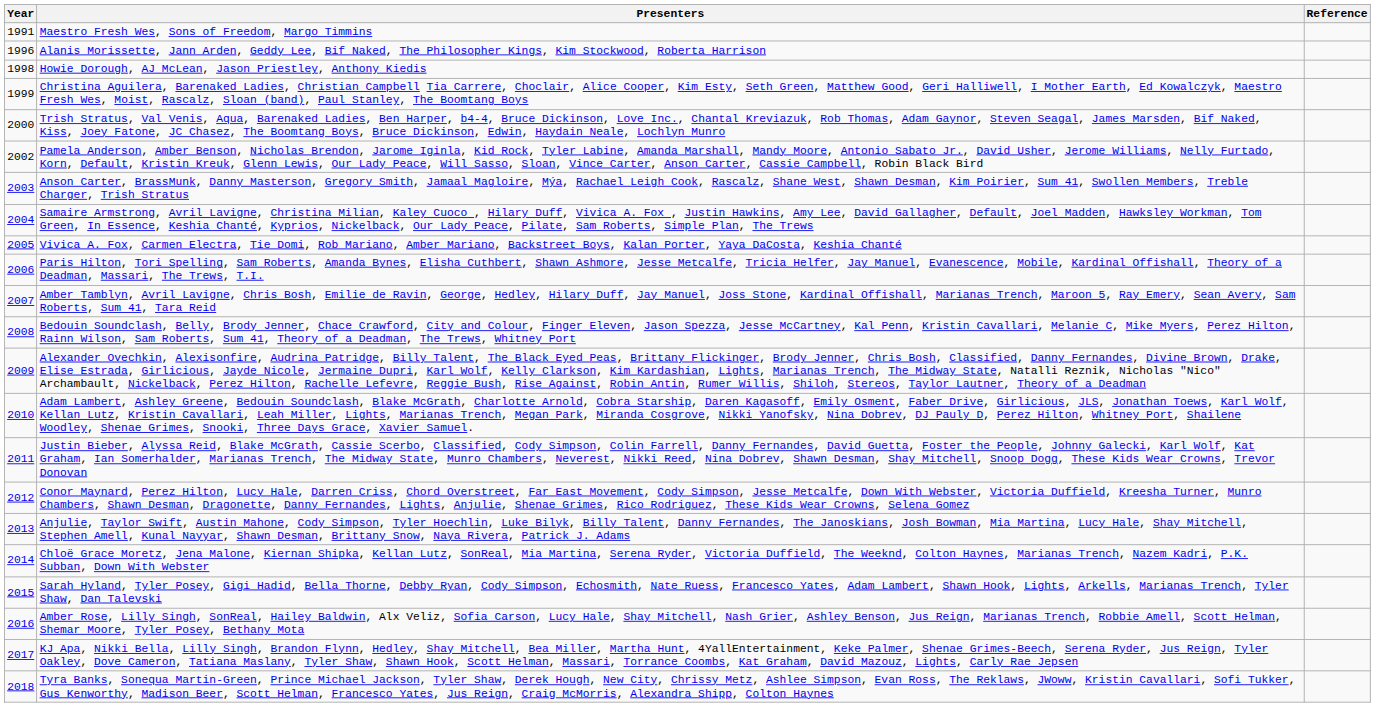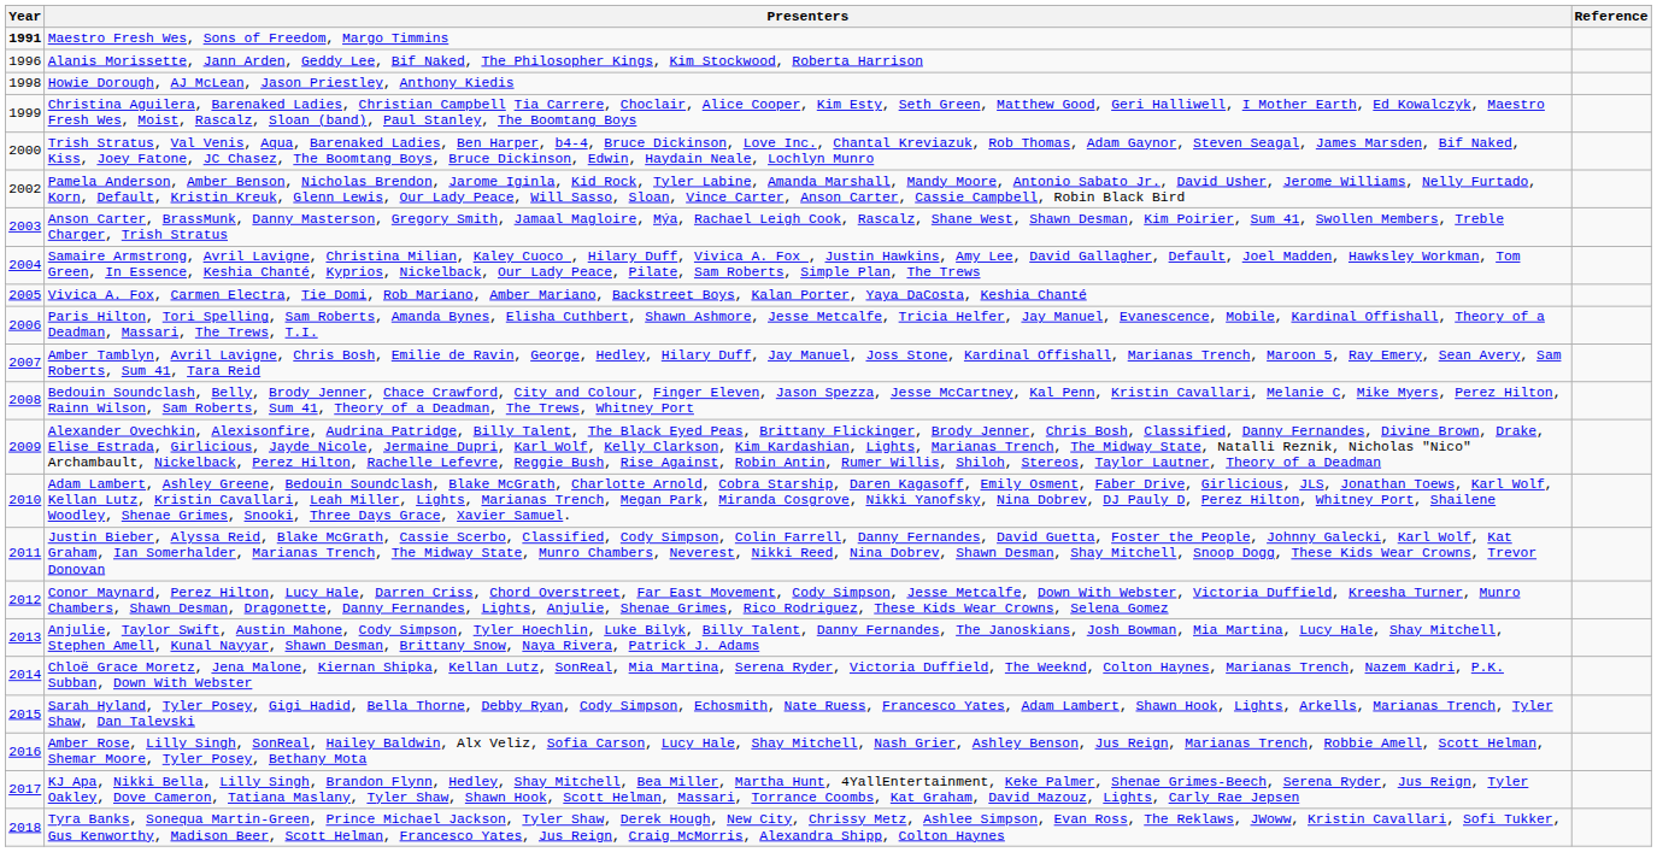 <table class="wikitable sortable">
 <tr>
 <th>Year</th>
 <th>Presenters</th>
 <th>Reference</th>
 </tr>
 <tr>
-<td>1991</td>
+<td><strong>1991</strong></td>
 <td><a href='#'>Maestro Fresh Wes</a>, <a href='#'>Sons of Freedom</a>, <a href='#'>Margo Timmins</a></td>
 </tr>
 <tr>
 <td>1996</td>
 <td><a href='#'>Alanis Morissette</a>, <a href='#'>Jann Arden</a>, <a href='#'>Geddy Lee</a>, <a href='#'>Bif Naked</a>, <a href='#'>The Philosopher Kings</a>, <a href='#'>Kim Stockwood</a>, <a href='#'>Roberta Harrison</a></td>
 <td></td>
 </tr>
 <tr>
 <td>1998</td>
 <td><a href='#'>Howie Dorough</a>, <a href='#'>AJ McLean</a>, <a href='#'>Jason Priestley</a>, <a href='#'>Anthony Kiedis</a></td>
 <td></td>
 </tr>
 <tr>
 <td>1999</td>
 <td><a href='#'>Christina Aguilera</a>, <a href='#'>Barenaked Ladies</a>, <a href='#'>Christian Campbell</a> <a href='#'>Tia Carrere</a>, <a href='#'>Choclair</a>, <a href='#'>Alice Cooper</a>, <a href='#'>Kim Esty</a>, <a href='#'>Seth Green</a>, <a href='#'>Matthew Good</a>, <a href='#'>Geri Halliwell</a>, <a href='#'>I Mother Earth</a>, <a href='#'>Ed Kowalczyk</a>, <a href='#'>Maestro Fresh Wes</a>, <a href='#'>Moist</a>, <a href='#'>Rascalz</a>, <a href='#'>Sloan (band)</a>, <a href='#'>Paul Stanley</a>, <a href='#'>The Boomtang Boys</a></td>
 </tr>
 <tr>
 <td>2000</td>
 <td><a href='#'>Trish Stratus</a>, <a href='#'>Val Venis</a>, <a href='#'>Aqua</a>, <a href='#'>Barenaked Ladies</a>, <a href='#'>Ben Harper</a>, <a href='#'>b4-4</a>, <a href='#'>Bruce Dickinson</a>, <a href='#'>Love Inc.</a>, <a href='#'>Chantal Kreviazuk</a>, <a href='#'>Rob Thomas</a>, <a href='#'>Adam Gaynor</a>, <a href='#'>Steven Seagal</a>, <a href='#'>James Marsden</a>, <a href='#'>Bif Naked</a>, <a href='#'>Kiss</a>, <a href='#'>Joey Fatone</a>, <a href='#'>JC Chasez</a>, <a href='#'>The Boomtang Boys</a>, <a href='#'>Bruce Dickinson</a>, <a href='#'>Edwin</a>, <a href='#'>Haydain Neale</a>, <a href='#'>Lochlyn Munro</a></td>
 <td></td>
 </tr>
 <tr>
 <td>2002</td>
 <td><a href='#'>Pamela Anderson</a>, <a href='#'>Amber Benson</a>, <a href='#'>Nicholas Brendon</a>, <a href='#'>Jarome Iginla</a>, <a href='#'>Kid Rock</a>, <a href='#'>Tyler Labine</a>, <a href='#'>Amanda Marshall</a>, <a href='#'>Mandy Moore</a>, <a href='#'>Antonio Sabato Jr.</a>, <a href='#'>David Usher</a>, <a href='#'>Jerome Williams</a>, <a href='#'>Nelly Furtado</a>, <a href='#'>Korn</a>, <a href='#'>Default</a>, <a href='#'>Kristin Kreuk</a>, <a href='#'>Glenn Lewis</a>, <a href='#'>Our Lady Peace</a>, <a href='#'>Will Sasso</a>, <a href='#'>Sloan</a>, <a href='#'>Vince Carter</a>, <a href='#'>Anson Carter</a>, <a href='#'>Cassie Campbell</a>, Robin Black Bird</td>
 <td></td>
 </tr>
 <tr>
 <td><a href='#'>2003</a></td>
 <td><a href='#'>Anson Carter</a>, <a href='#'>BrassMunk</a>, <a href='#'>Danny Masterson</a>, <a href='#'>Gregory Smith</a>, <a href='#'>Jamaal Magloire</a>, <a href='#'>Mýa</a>, <a href='#'>Rachael Leigh Cook</a>, <a href='#'>Rascalz</a>, <a href='#'>Shane West</a>, <a href='#'>Shawn Desman</a>, <a href='#'>Kim Poirier</a>, <a href='#'>Sum 41</a>, <a href='#'>Swollen Members</a>, <a href='#'>Treble Charger</a>, <a href='#'>Trish Stratus</a></td>
 <td></td>
 </tr>
 <tr>
 <td><a href='#'>2004</a></td>
 <td><a href='#'>Samaire Armstrong</a>, <a href='#'>Avril Lavigne</a>, <a href='#'>Christina Milian</a>, <a href='#'>Kaley Cuoco </a>, <a href='#'>Hilary Duff</a>, <a href='#'>Vivica A. Fox </a>, <a href='#'>Justin Hawkins</a>, <a href='#'>Amy Lee</a>, <a href='#'>David Gallagher</a>, <a href='#'>Default</a>, <a href='#'>Joel Madden</a>, <a href='#'>Hawksley Workman</a>, <a href='#'>Tom Green</a>, <a href='#'>In Essence</a>, <a href='#'>Keshia Chanté</a>, <a href='#'>Kyprios</a>, <a href='#'>Nickelback</a>, <a href='#'>Our Lady Peace</a>, <a href='#'>Pilate</a>, <a href='#'>Sam Roberts</a>, <a href='#'>Simple Plan</a>, <a href='#'>The Trews</a></td>
 <td></td>
 </tr>
 <tr>
 <td><a href='#'>2005</a></td>
 <td><a href='#'>Vivica A. Fox</a>, <a href='#'>Carmen Electra</a>, <a href='#'>Tie Domi</a>, <a href='#'>Rob Mariano</a>, <a href='#'>Amber Mariano</a>, <a href='#'>Backstreet Boys</a>, <a href='#'>Kalan Porter</a>, <a href='#'>Yaya DaCosta</a>, <a href='#'>Keshia Chanté</a></td>
 <td></td>
 </tr>
 <tr>
 <td><a href='#'>2006</a></td>
 <td><a href='#'>Paris Hilton</a>, <a href='#'>Tori Spelling</a>, <a href='#'>Sam Roberts</a>, <a href='#'>Amanda Bynes</a>, <a href='#'>Elisha Cuthbert</a>, <a href='#'>Shawn Ashmore</a>, <a href='#'>Jesse Metcalfe</a>, <a href='#'>Tricia Helfer</a>, <a href='#'>Jay Manuel</a>, <a href='#'>Evanescence</a>, <a href='#'>Mobile</a>, <a href='#'>Kardinal Offishall</a>, <a href='#'>Theory of a Deadman</a>, <a href='#'>Massari</a>, <a href='#'>The Trews</a>, <a href='#'>T.I.</a></td>
 <td></td>
 </tr>
 <tr>
 <td><a href='#'>2007</a></td>
 <td><a href='#'>Amber Tamblyn</a>, <a href='#'>Avril Lavigne</a>, <a href='#'>Chris Bosh</a>, <a href='#'>Emilie de Ravin</a>, <a href='#'>George</a>, <a href='#'>Hedley</a>, <a href='#'>Hilary Duff</a>, <a href='#'>Jay Manuel</a>, <a href='#'>Joss Stone</a>, <a href='#'>Kardinal Offishall</a>, <a href='#'>Marianas Trench</a>, <a href='#'>Maroon 5</a>, <a href='#'>Ray Emery</a>, <a href='#'>Sean Avery</a>, <a href='#'>Sam Roberts</a>, <a href='#'>Sum 41</a>, <a href='#'>Tara Reid</a></td>
 <td></td>
 </tr>
 <tr>
 <td><a href='#'>2008</a></td>
 <td><a href='#'>Bedouin Soundclash</a>, <a href='#'>Belly</a>, <a href='#'>Brody Jenner</a>, <a href='#'>Chace Crawford</a>, <a href='#'>City and Colour</a>, <a href='#'>Finger Eleven</a>, <a href='#'>Jason Spezza</a>, <a href='#'>Jesse McCartney</a>, <a href='#'>Kal Penn</a>, <a href='#'>Kristin Cavallari</a>, <a href='#'>Melanie C</a>, <a href='#'>Mike Myers</a>, <a href='#'>Perez Hilton</a>, <a href='#'>Rainn Wilson</a>, <a href='#'>Sam Roberts</a>, <a href='#'>Sum 41</a>, <a href='#'>Theory of a Deadman</a>, <a href='#'>The Trews</a>, <a href='#'>Whitney Port</a></td>
 <td></td>
 </tr>
 <tr>
 <td><a href='#'>2009</a></td>
 <td><a href='#'>Alexander Ovechkin</a>, <a href='#'>Alexisonfire</a>, <a href='#'>Audrina Patridge</a>, <a href='#'>Billy Talent</a>, <a href='#'>The Black Eyed Peas</a>, <a href='#'>Brittany Flickinger</a>, <a href='#'>Brody Jenner</a>, <a href='#'>Chris Bosh</a>, <a href='#'>Classified</a>, <a href='#'>Danny Fernandes</a>, <a href='#'>Divine Brown</a>, <a href='#'>Drake</a>, <a href='#'>Elise Estrada</a>, <a href='#'>Girlicious</a>, <a href='#'>Jayde Nicole</a>, <a href='#'>Jermaine Dupri</a>, <a href='#'>Karl Wolf</a>, <a href='#'>Kelly Clarkson</a>, <a href='#'>Kim Kardashian</a>, <a href='#'>Lights</a>, <a href='#'>Marianas Trench</a>, <a href='#'>The Midway State</a>, Natalli Reznik, Nicholas "Nico" Archambault, <a href='#'>Nickelback</a>, <a href='#'>Perez Hilton</a>, <a href='#'>Rachelle Lefevre</a>, <a href='#'>Reggie Bush</a>, <a href='#'>Rise Against</a>, <a href='#'>Robin Antin</a>, <a href='#'>Rumer Willis</a>, <a href='#'>Shiloh</a>, <a href='#'>Stereos</a>, <a href='#'>Taylor Lautner</a>, <a href='#'>Theory of a Deadman</a></td>
 </tr>
 <tr>
 <td><a href='#'>2010</a></td>
 <td><a href='#'>Adam Lambert</a>, <a href='#'>Ashley Greene</a>, <a href='#'>Bedouin Soundclash</a>, <a href='#'>Blake McGrath</a>, <a href='#'>Charlotte Arnold</a>, <a href='#'>Cobra Starship</a>, <a href='#'>Daren Kagasoff</a>, <a href='#'>Emily Osment</a>, <a href='#'>Faber Drive</a>, <a href='#'>Girlicious</a>, <a href='#'>JLS</a>, <a href='#'>Jonathan Toews</a>, <a href='#'>Karl Wolf</a>, <a href='#'>Kellan Lutz</a>, <a href='#'>Kristin Cavallari</a>, <a href='#'>Leah Miller</a>, <a href='#'>Lights</a>, <a href='#'>Marianas Trench</a>, <a href='#'>Megan Park</a>, <a href='#'>Miranda Cosgrove</a>, <a href='#'>Nikki Yanofsky</a>, <a href='#'>Nina Dobrev</a>, <a href='#'>DJ Pauly D</a>, <a href='#'>Perez Hilton</a>, <a href='#'>Whitney Port</a>, <a href='#'>Shailene Woodley</a>, <a href='#'>Shenae Grimes</a>, <a href='#'>Snooki</a>, <a href='#'>Three Days Grace</a>, <a href='#'>Xavier Samuel</a>.</td>
 <td></td>
 </tr>
 <tr>
 <td><a href='#'>2011</a></td>
 <td><a href='#'>Justin Bieber</a>, <a href='#'>Alyssa Reid</a>, <a href='#'>Blake McGrath</a>, <a href='#'>Cassie Scerbo</a>, <a href='#'>Classified</a>, <a href='#'>Cody Simpson</a>, <a href='#'>Colin Farrell</a>, <a href='#'>Danny Fernandes</a>, <a href='#'>David Guetta</a>, <a href='#'>Foster the People</a>, <a href='#'>Johnny Galecki</a>, <a href='#'>Karl Wolf</a>, <a href='#'>Kat Graham</a>, <a href='#'>Ian Somerhalder</a>, <a href='#'>Marianas Trench</a>, <a href='#'>The Midway State</a>, <a href='#'>Munro Chambers</a>, <a href='#'>Neverest</a>, <a href='#'>Nikki Reed</a>, <a href='#'>Nina Dobrev</a>, <a href='#'>Shawn Desman</a>, <a href='#'>Shay Mitchell</a>, <a href='#'>Snoop Dogg</a>, <a href='#'>These Kids Wear Crowns</a>, <a href='#'>Trevor Donovan</a></td>
 <td></td>
 </tr>
 <tr>
 <td><a href='#'>2012</a></td>
 <td><a href='#'>Conor Maynard</a>, <a href='#'>Perez Hilton</a>, <a href='#'>Lucy Hale</a>, <a href='#'>Darren Criss</a>, <a href='#'>Chord Overstreet</a>, <a href='#'>Far East Movement</a>, <a href='#'>Cody Simpson</a>, <a href='#'>Jesse Metcalfe</a>, <a href='#'>Down With Webster</a>, <a href='#'>Victoria Duffield</a>, <a href='#'>Kreesha Turner</a>, <a href='#'>Munro Chambers</a>, <a href='#'>Shawn Desman</a>, <a href='#'>Dragonette</a>, <a href='#'>Danny Fernandes</a>, <a href='#'>Lights</a>, <a href='#'>Anjulie</a>, <a href='#'>Shenae Grimes</a>, <a href='#'>Rico Rodriguez</a>, <a href='#'>These Kids Wear Crowns</a>, <a href='#'>Selena Gomez</a></td>
 <td></td>
 </tr>
 <tr>
 <td><a href='#'>2013</a></td>
 <td><a href='#'>Anjulie</a>, <a href='#'>Taylor Swift</a>, <a href='#'>Austin Mahone</a>, <a href='#'>Cody Simpson</a>, <a href='#'>Tyler Hoechlin</a>, <a href='#'>Luke Bilyk</a>, <a href='#'>Billy Talent</a>, <a href='#'>Danny Fernandes</a>, <a href='#'>The Janoskians</a>, <a href='#'>Josh Bowman</a>, <a href='#'>Mia Martina</a>, <a href='#'>Lucy Hale</a>, <a href='#'>Shay Mitchell</a>, <a href='#'>Stephen Amell</a>, <a href='#'>Kunal Nayyar</a>, <a href='#'>Shawn Desman</a>, <a href='#'>Brittany Snow</a>, <a href='#'>Naya Rivera</a>, <a href='#'>Patrick J. Adams</a></td>
 <td></td>
 </tr>
 <tr>
 <td><a href='#'>2014</a></td>
 <td><a href='#'>Chloë Grace Moretz</a>, <a href='#'>Jena Malone</a>, <a href='#'>Kiernan Shipka</a>, <a href='#'>Kellan Lutz</a>, <a href='#'>SonReal</a>, <a href='#'>Mia Martina</a>, <a href='#'>Serena Ryder</a>, <a href='#'>Victoria Duffield</a>, <a href='#'>The Weeknd</a>, <a href='#'>Colton Haynes</a>, <a href='#'>Marianas Trench</a>, <a href='#'>Nazem Kadri</a>, <a href='#'>P.K. Subban</a>, <a href='#'>Down With Webster</a></td>
 <td></td>
 </tr>
 <tr>
 <td><a href='#'>2015</a></td>
 <td><a href='#'>Sarah Hyland</a>, <a href='#'>Tyler Posey</a>, <a href='#'>Gigi Hadid</a>, <a href='#'>Bella Thorne</a>, <a href='#'>Debby Ryan</a>, <a href='#'>Cody Simpson</a>, <a href='#'>Echosmith</a>, <a href='#'>Nate Ruess</a>, <a href='#'>Francesco Yates</a>, <a href='#'>Adam Lambert</a>, <a href='#'>Shawn Hook</a>, <a href='#'>Lights</a>, <a href='#'>Arkells</a>, <a href='#'>Marianas Trench</a>, <a href='#'>Tyler Shaw</a>, <a href='#'>Dan Talevski</a></td>
 <td></td>
 </tr>
 <tr>
 <td><a href='#'>2016</a></td>
 <td><a href='#'>Amber Rose</a>, <a href='#'>Lilly Singh</a>, <a href='#'>SonReal</a>, <a href='#'>Hailey Baldwin</a>, Alx Veliz, <a href='#'>Sofia Carson</a>, <a href='#'>Lucy Hale</a>, <a href='#'>Shay Mitchell</a>, <a href='#'>Nash Grier</a>, <a href='#'>Ashley Benson</a>, <a href='#'>Jus Reign</a>, <a href='#'>Marianas Trench</a>, <a href='#'>Robbie Amell</a>, <a href='#'>Scott Helman</a>, <a href='#'>Shemar Moore</a>, <a href='#'>Tyler Posey</a>, <a href='#'>Bethany Mota</a></td>
 <td></td>
 </tr>
 <tr>
 <td><a href='#'>2017</a></td>
 <td><a href='#'>KJ Apa</a>, <a href='#'>Nikki Bella</a>, <a href='#'>Lilly Singh</a>, <a href='#'>Brandon Flynn</a>, <a href='#'>Hedley</a>, <a href='#'>Shay Mitchell</a>, <a href='#'>Bea Miller</a>, <a href='#'>Martha Hunt</a>, 4YallEntertainment, <a href='#'>Keke Palmer</a>, <a href='#'>Shenae Grimes-Beech</a>, <a href='#'>Serena Ryder</a>, <a href='#'>Jus Reign</a>, <a href='#'>Tyler Oakley</a>, <a href='#'>Dove Cameron</a>, <a href='#'>Tatiana Maslany</a>, <a href='#'>Tyler Shaw</a>, <a href='#'>Shawn Hook</a>, <a href='#'>Scott Helman</a>, <a href='#'>Massari</a>, <a href='#'>Torrance Coombs</a>, <a href='#'>Kat Graham</a>, <a href='#'>David Mazouz</a>, <a href='#'>Lights</a>, <a href='#'>Carly Rae Jepsen</a></td>
 <td></td>
 </tr>
 <tr>
 <td><a href='#'>2018</a></td>
 <td><a href='#'>Tyra Banks</a>, <a href='#'>Sonequa Martin-Green</a>, <a href='#'>Prince Michael Jackson</a>, <a href='#'>Tyler Shaw</a>, <a href='#'>Derek Hough</a>, <a href='#'>New City</a>, <a href='#'>Chrissy Metz</a>, <a href='#'>Ashlee Simpson</a>, <a href='#'>Evan Ross</a>, <a href='#'>The Reklaws</a>, <a href='#'>JWoww</a>, <a href='#'>Kristin Cavallari</a>, <a href='#'>Sofi Tukker</a>, <a href='#'>Gus Kenworthy</a>, <a href='#'>Madison Beer</a>, <a href='#'>Scott Helman</a>, <a href='#'>Francesco Yates</a>, <a href='#'>Jus Reign</a>, <a href='#'>Craig McMorris</a>, <a href='#'>Alexandra Shipp</a>, <a href='#'>Colton Haynes</a></td>
 <td></td>
 </tr>
 </table>
